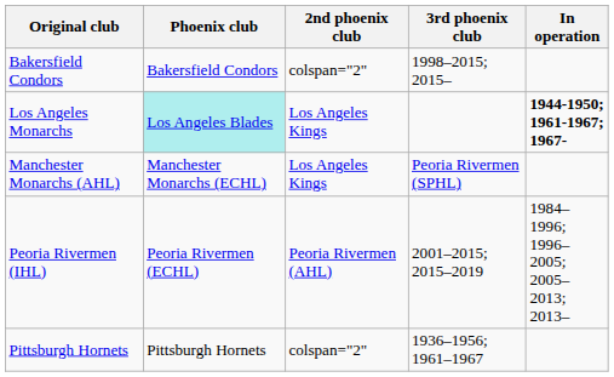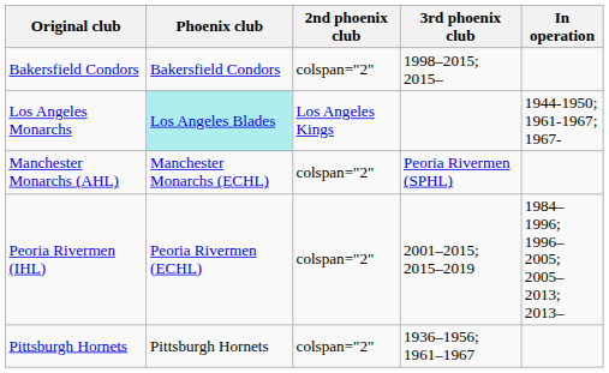 <table class="wikitable">
 <tr>
 <th>Original club</th>
 <th>Phoenix club</th>
 <th>2nd phoenix club</th>
 <th>3rd phoenix club</th>
 <th>In operation</th>
 </tr>
 <tr>
 <td><a href='#'>Bakersfield Condors</a></td>
 <td><a href='#'>Bakersfield Condors</a></td>
 <td>colspan="2" </td>
 <td>1998–2015; <br> 2015–</td>
 </tr>
 <tr>
 <td><a href='#'>Los Angeles Monarchs</a></td>
 <td style="background: paleturquoise;"><a href='#'>Los Angeles Blades</a></td>
 <td><a href='#'>Los Angeles Kings</a></td>
 <td></td>
-<td><strong>1944-1950; <br> 1961-1967; <br> 1967-</strong></td>
+<td>1944-1950; <br> 1961-1967; <br> 1967-</td>
 </tr>
 <tr>
 <td><a href='#'>Manchester Monarchs (AHL)</a></td>
 <td><a href='#'>Manchester Monarchs (ECHL)</a></td>
-<td><a href='#'>Los Angeles Kings</a></td>
+<td>colspan="2" </td>
 <td><a href='#'>Peoria Rivermen (SPHL)</a></td>
 </tr>
 <tr>
 <td><a href='#'>Peoria Rivermen (IHL)</a></td>
 <td><a href='#'>Peoria Rivermen (ECHL)</a></td>
-<td><a href='#'>Peoria Rivermen (AHL)</a></td>
+<td>colspan="2" </td>
 <td>2001–2015; <br> 2015–2019</td>
 <td>1984–1996; <br> 1996–2005; <br> 2005–2013; <br> 2013–</td>
 </tr>
 <tr>
 <td><a href='#'>Pittsburgh Hornets</a></td>
 <td>Pittsburgh Hornets</td>
 <td>colspan="2" </td>
 <td>1936–1956;<br> 1961–1967</td>
 </tr>
 </table>
